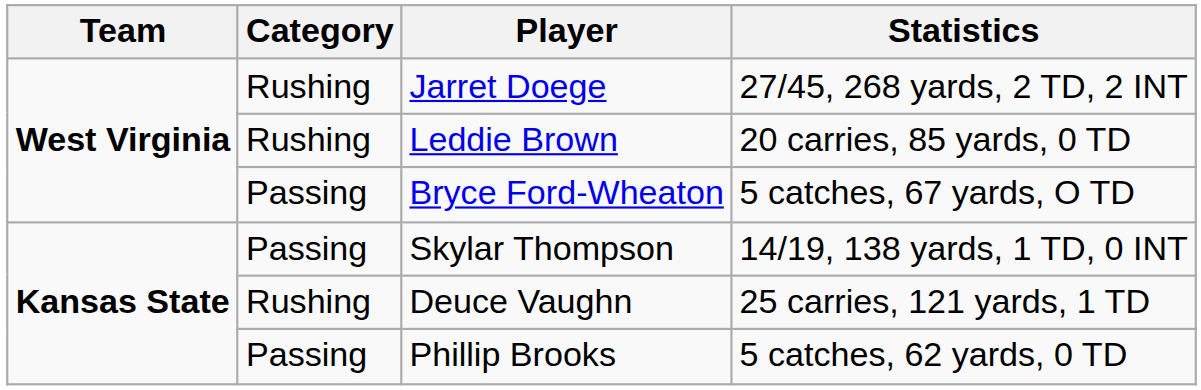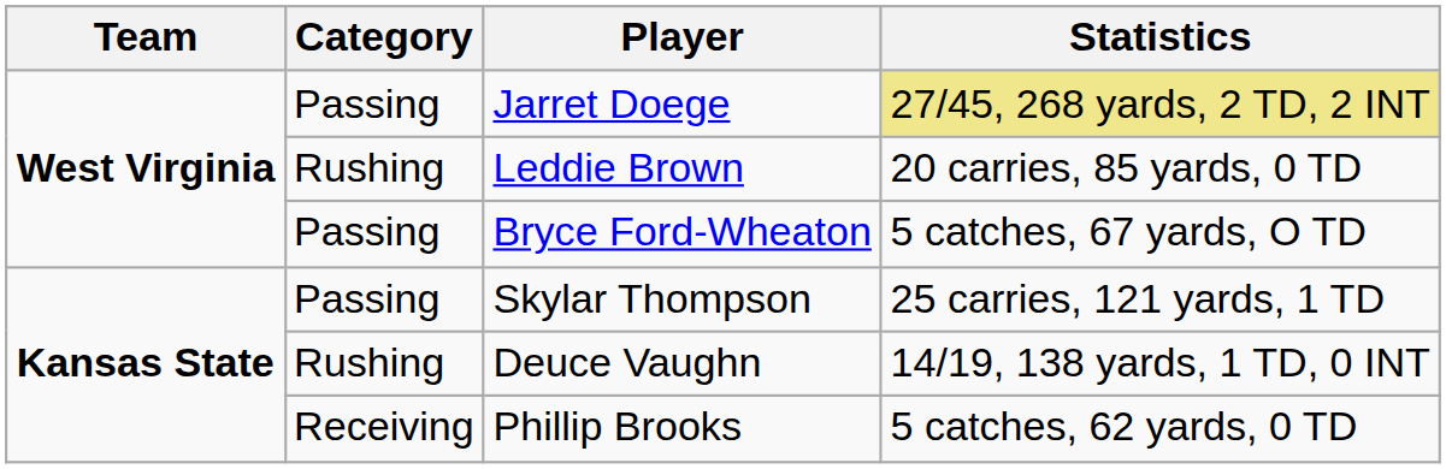 <table class="wikitable" style="float: right;">
 <tr>
 <th>Team</th>
 <th>Category</th>
 <th>Player</th>
 <th>Statistics</th>
 </tr>
 <tr>
 <td rowspan=3><strong>West Virginia</strong></td>
-<td>Rushing</td>
+<td>Passing</td>
 <td><a href='#'>Jarret Doege</a></td>
-<td>27/45, 268 yards, 2 TD, 2 INT</td>
+<td style="background: khaki;">27/45, 268 yards, 2 TD, 2 INT</td>
 </tr>
 <tr>
 <td>Rushing</td>
 <td><a href='#'>Leddie Brown</a></td>
 <td>20 carries, 85 yards, 0 TD</td>
 </tr>
 <tr>
 <td>Passing</td>
 <td><a href='#'>Bryce Ford-Wheaton</a></td>
 <td>5 catches, 67 yards, O TD</td>
 </tr>
 <tr>
 <td rowspan=3><strong>Kansas State</strong></td>
 <td>Passing</td>
 <td>Skylar Thompson</td>
-<td>14/19, 138 yards, 1 TD, 0 INT</td>
+<td>25 carries, 121 yards, 1 TD</td>
 </tr>
 <tr>
 <td>Rushing</td>
 <td>Deuce Vaughn</td>
-<td>25 carries, 121 yards, 1 TD</td>
+<td>14/19, 138 yards, 1 TD, 0 INT</td>
 </tr>
 <tr>
-<td>Passing</td>
+<td>Receiving</td>
 <td>Phillip Brooks</td>
 <td>5 catches, 62 yards, 0 TD</td>
 </tr>
 </table>
